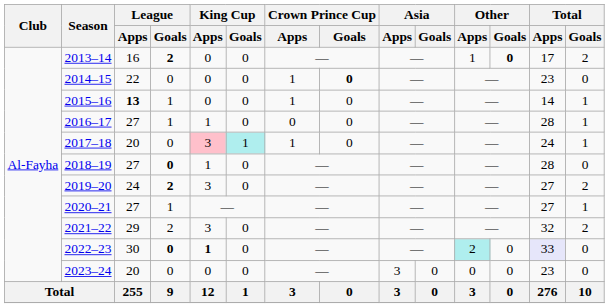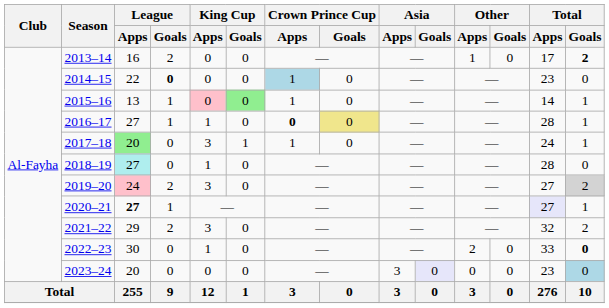 <table class="wikitable" style="text-align: center">
 <tr>
 <th rowspan=2>Club</th>
 <th rowspan=2>Season</th>
 <th colspan=2>League</th>
 <th colspan=2>King Cup</th>
 <th colspan=2>Crown Prince Cup</th>
 <th colspan=2>Asia</th>
 <th colspan=2>Other</th>
 <th colspan=2>Total</th>
 </tr>
 <tr>
 <th>Apps</th>
 <th>Goals</th>
 <th>Apps</th>
 <th>Goals</th>
 <th>Apps</th>
 <th>Goals</th>
 <th>Apps</th>
 <th>Goals</th>
 <th>Apps</th>
 <th>Goals</th>
 <th>Apps</th>
 <th>Goals</th>
 </tr>
 <tr>
 <td rowspan=11><a href='#'>Al-Fayha</a></td>
 <td><a href='#'>2013–14</a></td>
 <td>16</td>
-<td><strong>2</strong></td>
+<td>2</td>
 <td>0</td>
 <td>0</td>
 <td colspan=2>—</td>
 <td colspan=2>—</td>
 <td>1</td>
-<td><strong>0</strong></td>
+<td>0</td>
 <td>17</td>
-<td>2</td>
+<td><strong>2</strong></td>
 </tr>
 <tr>
 <td><a href='#'>2014–15</a></td>
 <td>22</td>
+<td><strong>0</strong></td>
 <td>0</td>
 <td>0</td>
+<td style="background: lightblue;">1</td>
 <td>0</td>
-<td>1</td>
-<td><strong>0</strong></td>
 <td colspan=2>—</td>
 <td colspan=2>—</td>
 <td>23</td>
 <td>0</td>
 </tr>
 <tr>
 <td><a href='#'>2015–16</a></td>
-<td><strong>13</strong></td>
+<td>13</td>
 <td>1</td>
-<td>0</td>
-<td>0</td>
+<td style="background: pink;">0</td>
+<td style="background: lightgreen;">0</td>
 <td>1</td>
 <td>0</td>
 <td colspan=2>—</td>
 <td colspan=2>—</td>
 <td>14</td>
 <td>1</td>
 </tr>
 <tr>
 <td><a href='#'>2016–17</a></td>
 <td>27</td>
 <td>1</td>
 <td>1</td>
 <td>0</td>
-<td>0</td>
-<td>0</td>
+<td><strong>0</strong></td>
+<td style="background: khaki;">0</td>
 <td colspan=2>—</td>
 <td colspan=2>—</td>
 <td>28</td>
 <td>1</td>
 </tr>
 <tr>
 <td><a href='#'>2017–18</a></td>
-<td>20</td>
+<td style="background: lightgreen;">20</td>
 <td>0</td>
-<td style="background: pink;">3</td>
-<td style="background: paleturquoise;">1</td>
+<td>3</td>
+<td>1</td>
 <td>1</td>
 <td>0</td>
 <td colspan=2>—</td>
 <td colspan=2>—</td>
 <td>24</td>
 <td>1</td>
 </tr>
 <tr>
 <td><a href='#'>2018–19</a></td>
-<td>27</td>
-<td><strong>0</strong></td>
+<td style="background: paleturquoise;">27</td>
+<td>0</td>
 <td>1</td>
 <td>0</td>
 <td colspan=2>—</td>
 <td colspan=2>—</td>
 <td colspan=2>—</td>
 <td>28</td>
 <td>0</td>
 </tr>
 <tr>
 <td><a href='#'>2019–20</a></td>
-<td>24</td>
-<td><strong>2</strong></td>
+<td style="background: pink;">24</td>
+<td>2</td>
 <td>3</td>
 <td>0</td>
 <td colspan=2>—</td>
 <td colspan=2>—</td>
 <td colspan=2>—</td>
 <td>27</td>
-<td>2</td>
+<td style="background: lightgrey;">2</td>
 </tr>
 <tr>
 <td><a href='#'>2020–21</a></td>
-<td>27</td>
+<td><strong>27</strong></td>
 <td>1</td>
 <td colspan=2>—</td>
 <td colspan=2>—</td>
 <td colspan=2>—</td>
 <td colspan=2>—</td>
-<td>27</td>
+<td style="background: lavender;">27</td>
 <td>1</td>
 </tr>
 <tr>
 <td><a href='#'>2021–22</a></td>
 <td>29</td>
 <td>2</td>
 <td>3</td>
 <td>0</td>
 <td colspan=2>—</td>
 <td colspan=2>—</td>
 <td colspan=2>—</td>
 <td>32</td>
 <td>2</td>
 </tr>
 <tr>
 <td><a href='#'>2022–23</a></td>
 <td>30</td>
-<td><strong>0</strong></td>
-<td><strong>1</strong></td>
+<td>0</td>
+<td>1</td>
 <td>0</td>
 <td colspan=2>—</td>
 <td colspan=2>—</td>
-<td style="background: paleturquoise;">2</td>
+<td>2</td>
 <td>0</td>
-<td style="background: lavender;">33</td>
-<td>0</td>
+<td>33</td>
+<td><strong>0</strong></td>
 </tr>
 <tr>
 <td><a href='#'>2023–24</a></td>
 <td>20</td>
 <td>0</td>
 <td>0</td>
 <td>0</td>
 <td colspan=2>—</td>
 <td>3</td>
-<td>0</td>
+<td style="background: lavender;">0</td>
 <td>0</td>
 <td>0</td>
 <td>23</td>
-<td>0</td>
+<td style="background: lightblue;">0</td>
 </tr>
 <tr>
 <th colspan="2">Total</th>
 <th>255</th>
 <th>9</th>
 <th>12</th>
 <th>1</th>
 <th>3</th>
 <th>0</th>
 <th>3</th>
 <th>0</th>
 <th>3</th>
 <th>0</th>
 <th>276</th>
 <th>10</th>
 </tr>
 <tr>
 </tr>
 </table>
